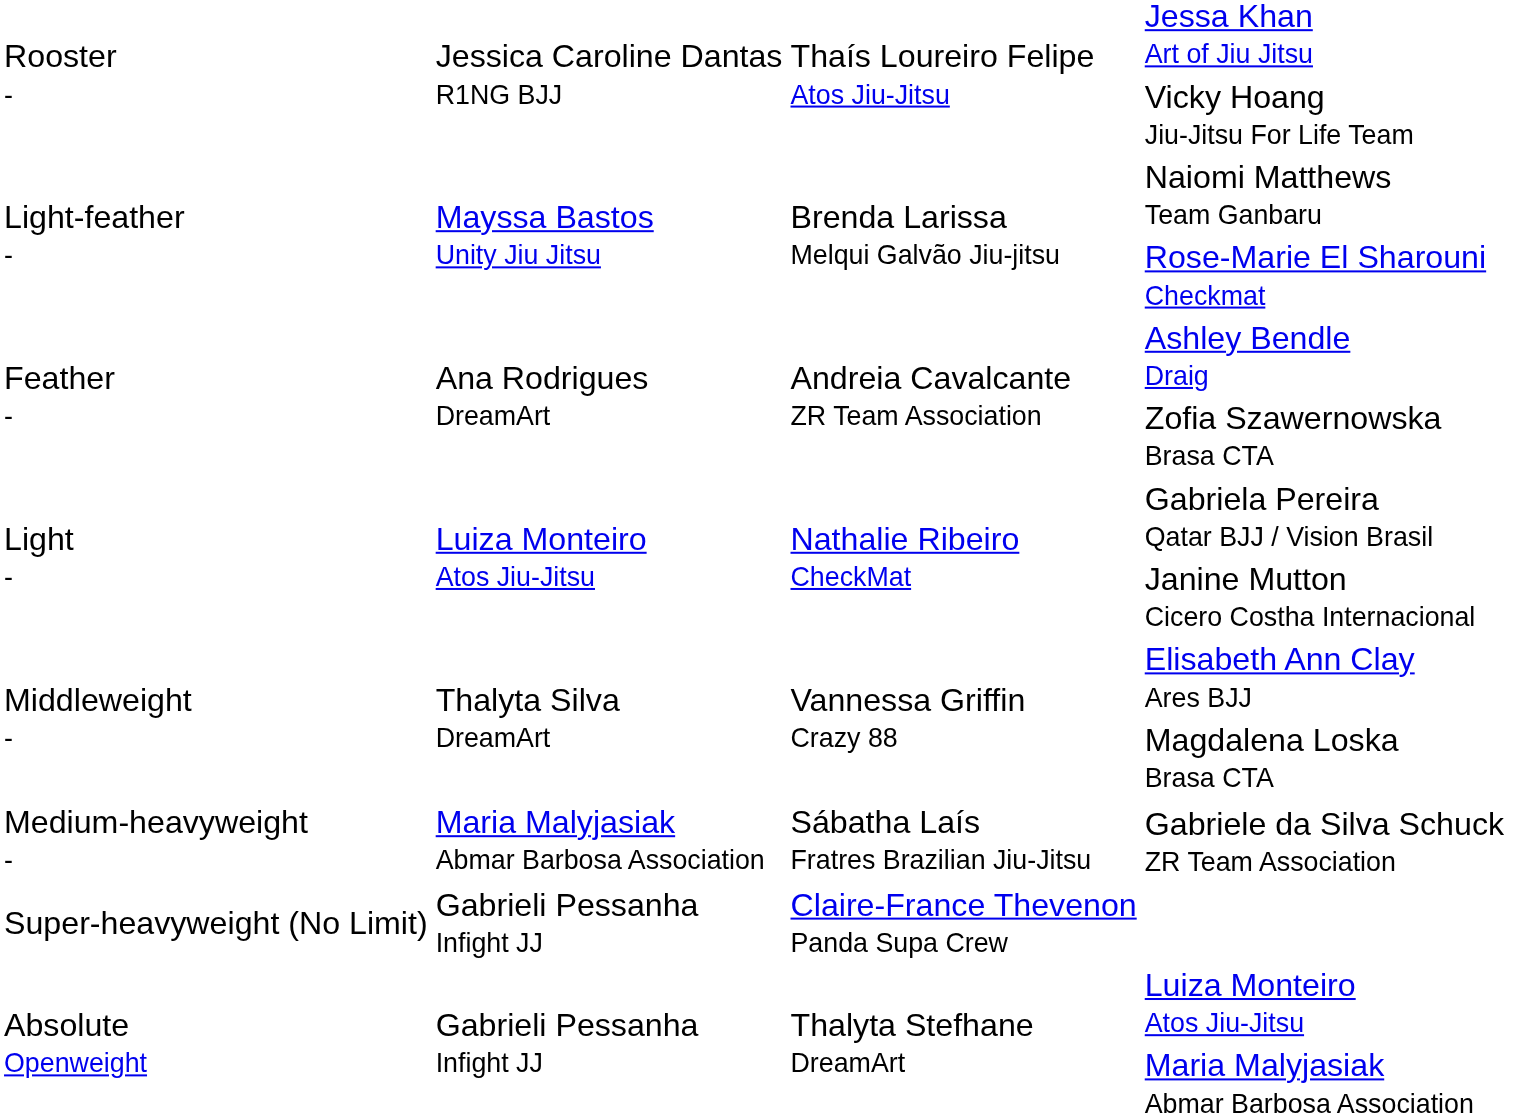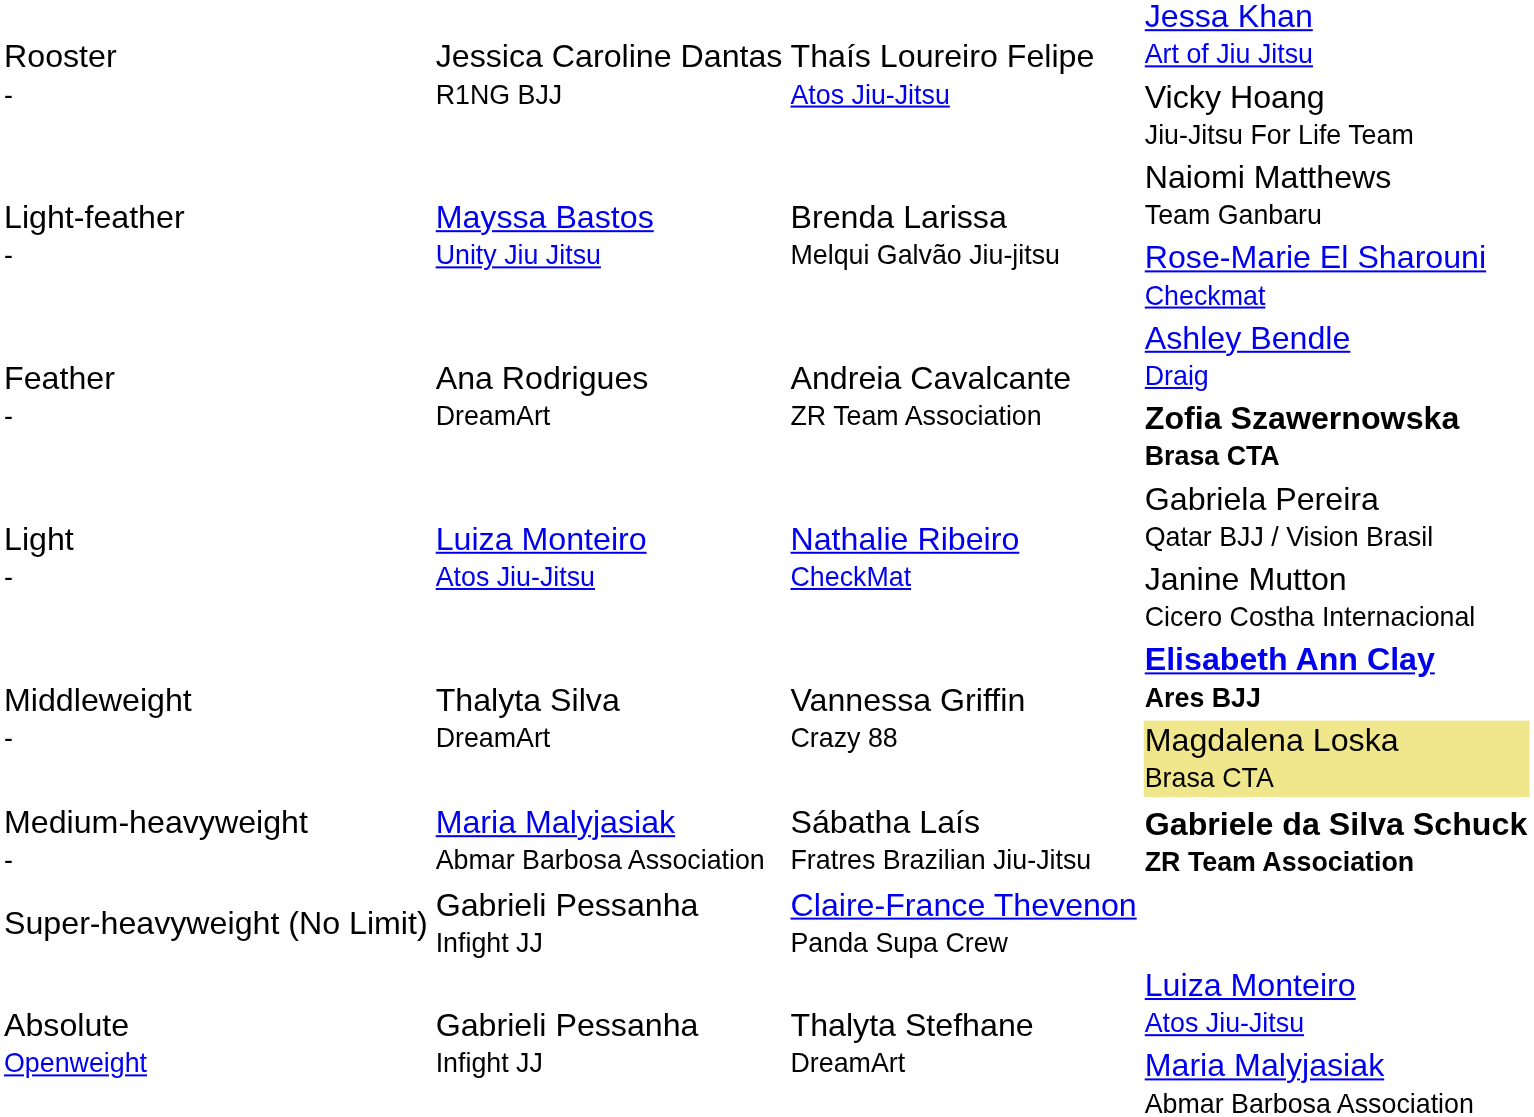 <table>
 <tr>
 <td rowspan=2>Rooster<br><small>-</small></td>
 <td rowspan=2> Jessica Caroline Dantas<br><small>R1NG BJJ</small></td>
 <td rowspan=2> Thaís Loureiro Felipe<br><small><a href='#'>Atos Jiu-Jitsu</a></small></td>
 <td> <a href='#'>Jessa Khan</a><br><small><a href='#'>Art of Jiu Jitsu</a></small></td>
 </tr>
 <tr>
 <td> Vicky Hoang<br><small>Jiu-Jitsu For Life Team</small></td>
 </tr>
 <tr>
 <td rowspan=2>Light-feather<br><small>-</small></td>
 <td rowspan=2> <a href='#'>Mayssa Bastos</a><br><small><a href='#'>Unity Jiu Jitsu</a></small></td>
 <td rowspan=2> Brenda Larissa<br><small>Melqui Galvão Jiu-jitsu</small></td>
 <td> Naiomi Matthews<br><small>Team Ganbaru</small></td>
 </tr>
 <tr>
 <td> <a href='#'>Rose-Marie El Sharouni</a><br><small><a href='#'>Checkmat</a></small></td>
 </tr>
 <tr>
 <td rowspan=2>Feather<br><small>-</small></td>
 <td rowspan=2> Ana Rodrigues<br><small>DreamArt</small></td>
 <td rowspan=2> Andreia Cavalcante<br><small>ZR Team Association</small></td>
 <td> <a href='#'>Ashley Bendle</a><br><small><a href='#'>Draig</a></small></td>
 </tr>
 <tr>
-<td> Zofia Szawernowska<br><small>Brasa CTA</small></td>
+<td><strong> Zofia Szawernowska<br><small>Brasa CTA</small></strong></td>
 </tr>
 <tr>
 <td rowspan=2>Light<br><small>-</small></td>
 <td rowspan=2> <a href='#'>Luiza Monteiro</a><br><small><a href='#'>Atos Jiu-Jitsu</a></small></td>
 <td rowspan=2> <a href='#'>Nathalie Ribeiro</a><br><small><a href='#'>CheckMat</a></small></td>
 <td> Gabriela Pereira<br><small>Qatar BJJ / Vision Brasil</small></td>
 </tr>
 <tr>
 <td> Janine Mutton<br><small>Cicero Costha Internacional</small></td>
 </tr>
 <tr>
 <td rowspan=2>Middleweight<br><small>-</small></td>
 <td rowspan=2> Thalyta Silva<br><small>DreamArt</small></td>
 <td rowspan=2> Vannessa Griffin<br><small>Crazy 88</small></td>
-<td> <a href='#'>Elisabeth Ann Clay</a><br><small>Ares BJJ</small></td>
+<td><strong> <a href='#'>Elisabeth Ann Clay</a><br><small>Ares BJJ</small></strong></td>
 </tr>
 <tr>
-<td> Magdalena Loska<br><small>Brasa CTA</small></td>
+<td style="background: khaki;"> Magdalena Loska<br><small>Brasa CTA</small></td>
 </tr>
 <tr>
 <td rowspan=2>Medium-heavyweight<br><small>-</small></td>
 <td rowspan=2> <a href='#'>Maria Malyjasiak</a><br><small>Abmar Barbosa Association</small></td>
 <td rowspan=2> Sábatha Laís<br><small>Fratres Brazilian Jiu-Jitsu</small></td>
 </tr>
 <tr>
-<td> Gabriele da Silva Schuck<br><small>ZR Team Association</small></td>
+<td><strong> Gabriele da Silva Schuck<br><small>ZR Team Association</small></strong></td>
 </tr>
 <tr>
 <td rowspan=2>Super-heavyweight (No Limit)</td>
 <td rowspan=2> Gabrieli Pessanha<br><small>Infight JJ</small></td>
 <td rowspan=2> <a href='#'>Claire-France Thevenon</a><br><small>Panda Supa Crew</small></td>
 </tr>
 <tr>
 <th></th>
 </tr>
 <tr>
 <td rowspan=2>Absolute<br><small><a href='#'>Openweight</a></small></td>
 <td rowspan=2> Gabrieli Pessanha<br><small>Infight JJ</small></td>
 <td rowspan=2> Thalyta Stefhane<br><small>DreamArt</small></td>
 <td> <a href='#'>Luiza Monteiro</a><br><small><a href='#'>Atos Jiu-Jitsu</a></small></td>
 </tr>
 <tr>
 <td> <a href='#'>Maria Malyjasiak</a><br><small>Abmar Barbosa Association</small></td>
 </tr>
 <tr>
 </tr>
 </table>
